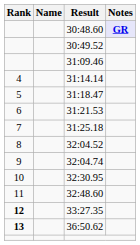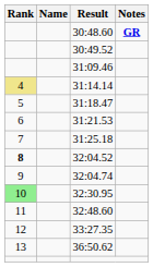 <table class="wikitable sortable" style="text-align:center">
 <tr>
 <th>Rank</th>
 <th>Name</th>
 <th>Result</th>
 <th>Notes</th>
 </tr>
 <tr>
 <td></td>
 <td align="left"></td>
 <td>30:48.60</td>
-<td style="background: lavender;"><strong><a href='#'>GR</a></strong></td>
+<td><strong><a href='#'>GR</a></strong></td>
 </tr>
 <tr>
 <td></td>
 <td align="left"></td>
 <td>30:49.52</td>
 <td></td>
 </tr>
 <tr>
 <td></td>
 <td align="left"></td>
 <td>31:09.46</td>
 <td></td>
 </tr>
 <tr>
-<td>4</td>
+<td style="background: khaki;">4</td>
 <td align="left"></td>
 <td>31:14.14</td>
 <td></td>
 </tr>
 <tr>
 <td>5</td>
 <td align="left"></td>
 <td>31:18.47</td>
 <td></td>
 </tr>
 <tr>
 <td>6</td>
 <td align="left"></td>
 <td>31:21.53</td>
 <td></td>
 </tr>
 <tr>
 <td>7</td>
 <td align="left"></td>
 <td>31:25.18</td>
 <td></td>
 </tr>
 <tr>
-<td>8</td>
+<td><strong>8</strong></td>
 <td align="left"></td>
 <td>32:04.52</td>
 <td></td>
 </tr>
 <tr>
 <td>9</td>
 <td align="left"></td>
 <td>32:04.74</td>
 <td></td>
 </tr>
 <tr>
-<td>10</td>
+<td style="background: lightgreen;">10</td>
 <td align="left"></td>
 <td>32:30.95</td>
 <td></td>
 </tr>
 <tr>
 <td>11</td>
 <td align="left"></td>
 <td>32:48.60</td>
 <td></td>
 </tr>
 <tr>
-<td><strong>12</strong></td>
+<td>12</td>
 <td align="left"></td>
 <td>33:27.35</td>
 <td></td>
 </tr>
 <tr>
-<td><strong>13</strong></td>
+<td>13</td>
 <td align="left"></td>
 <td>36:50.62</td>
 <td></td>
 </tr>
 <tr>
 <td></td>
 <td align="left"></td>
 <td colspan=2></td>
 </tr>
 </table>
